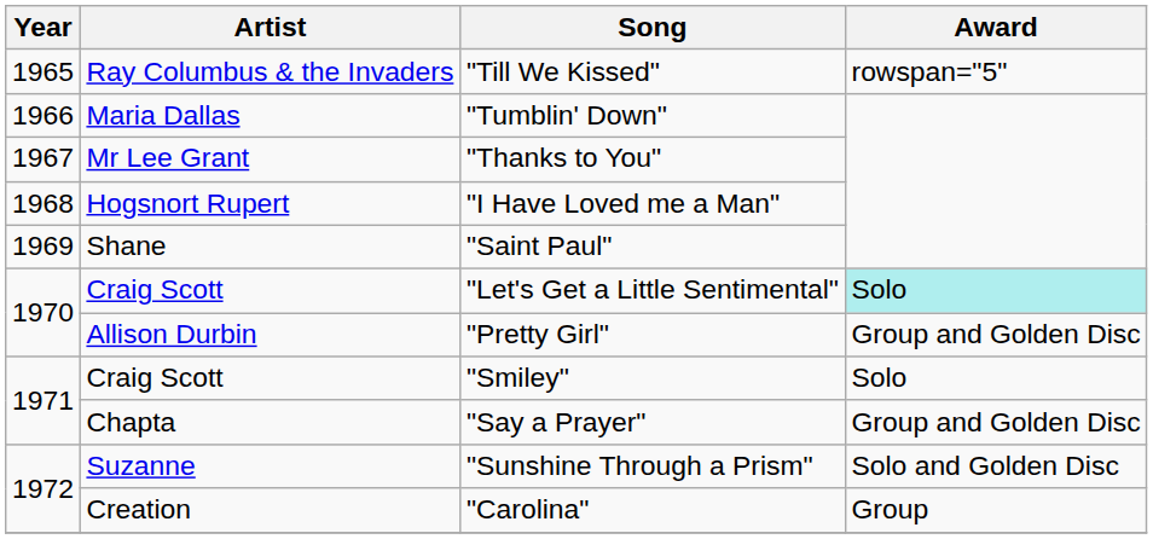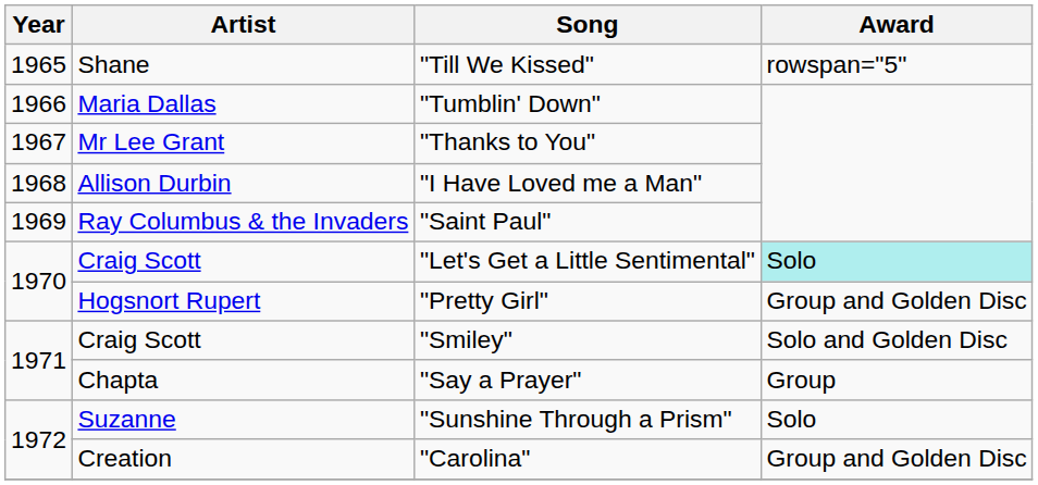 <table class="wikitable">
 <tr>
 <th>Year</th>
 <th>Artist</th>
 <th>Song</th>
 <th>Award</th>
 </tr>
 <tr>
 <td>1965</td>
-<td><a href='#'>Ray Columbus & the Invaders</a></td>
+<td>Shane</td>
 <td>"Till We Kissed"</td>
 <td>rowspan="5" </td>
 </tr>
 <tr>
 <td>1966</td>
 <td><a href='#'>Maria Dallas</a></td>
 <td>"Tumblin' Down"</td>
 </tr>
 <tr>
 <td>1967</td>
 <td><a href='#'>Mr Lee Grant</a></td>
 <td>"Thanks to You"</td>
 </tr>
 <tr>
 <td>1968</td>
-<td><a href='#'>Hogsnort Rupert</a></td>
+<td><a href='#'>Allison Durbin</a></td>
 <td>"I Have Loved me a Man"</td>
 </tr>
 <tr>
 <td>1969</td>
-<td>Shane</td>
+<td><a href='#'>Ray Columbus & the Invaders</a></td>
 <td>"Saint Paul"</td>
 </tr>
 <tr>
 <td rowspan=2>1970</td>
 <td><a href='#'>Craig Scott</a></td>
 <td>"Let's Get a Little Sentimental"</td>
 <td style="background: paleturquoise;">Solo</td>
 </tr>
 <tr>
-<td><a href='#'>Allison Durbin</a></td>
+<td><a href='#'>Hogsnort Rupert</a></td>
 <td>"Pretty Girl"</td>
 <td>Group and Golden Disc</td>
 </tr>
 <tr>
 <td rowspan=2>1971</td>
 <td>Craig Scott</td>
 <td>"Smiley"</td>
-<td>Solo</td>
+<td>Solo and Golden Disc</td>
 </tr>
 <tr>
 <td>Chapta</td>
 <td>"Say a Prayer"</td>
-<td>Group and Golden Disc</td>
+<td>Group</td>
 </tr>
 <tr>
 <td rowspan=2>1972</td>
 <td><a href='#'>Suzanne</a></td>
 <td>"Sunshine Through a Prism"</td>
-<td>Solo and Golden Disc</td>
+<td>Solo</td>
 </tr>
 <tr>
 <td>Creation</td>
 <td>"Carolina"</td>
-<td>Group</td>
+<td>Group and Golden Disc</td>
 </tr>
 <tr>
 </tr>
 </table>
